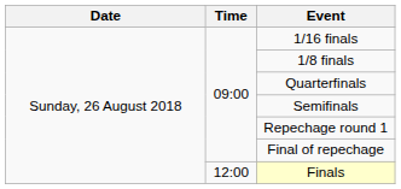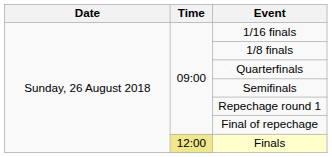 <table class = "wikitable" style="text-align:center;">
 <tr>
 <th width=220>Date</th>
 <th width=50>Time</th>
 <th width=150>Event</th>
 </tr>
 <tr>
 <td rowspan=7>Sunday, 26 August 2018</td>
 <td rowspan=6>09:00</td>
 <td>1/16 finals</td>
 </tr>
 <tr>
 <td>1/8 finals</td>
 </tr>
 <tr>
 <td>Quarterfinals</td>
 </tr>
 <tr>
 <td>Semifinals</td>
 </tr>
 <tr>
 <td>Repechage round 1</td>
 </tr>
 <tr>
 <td>Final of repechage</td>
 </tr>
 <tr>
-<td>12:00</td>
+<td style="background: khaki;">12:00</td>
 <td bgcolor=ffffcc>Finals</td>
 </tr>
 </table>
